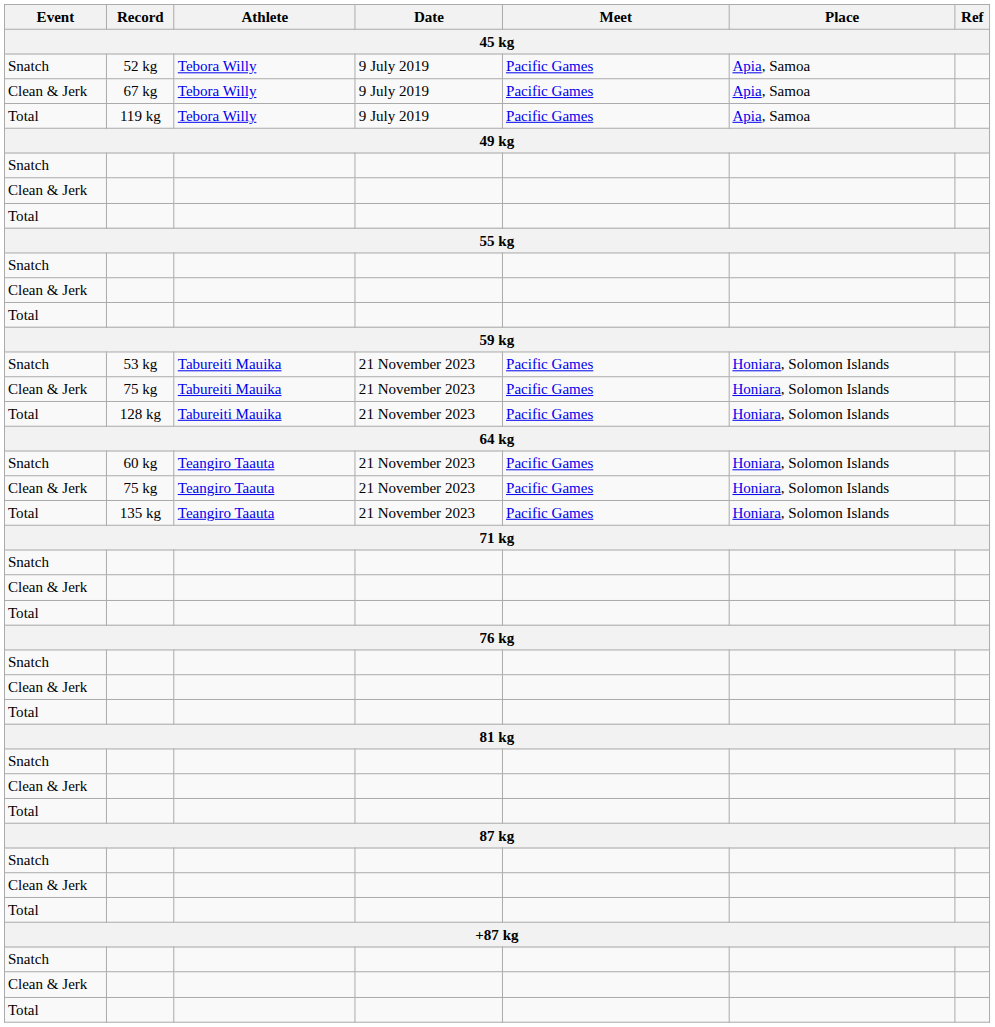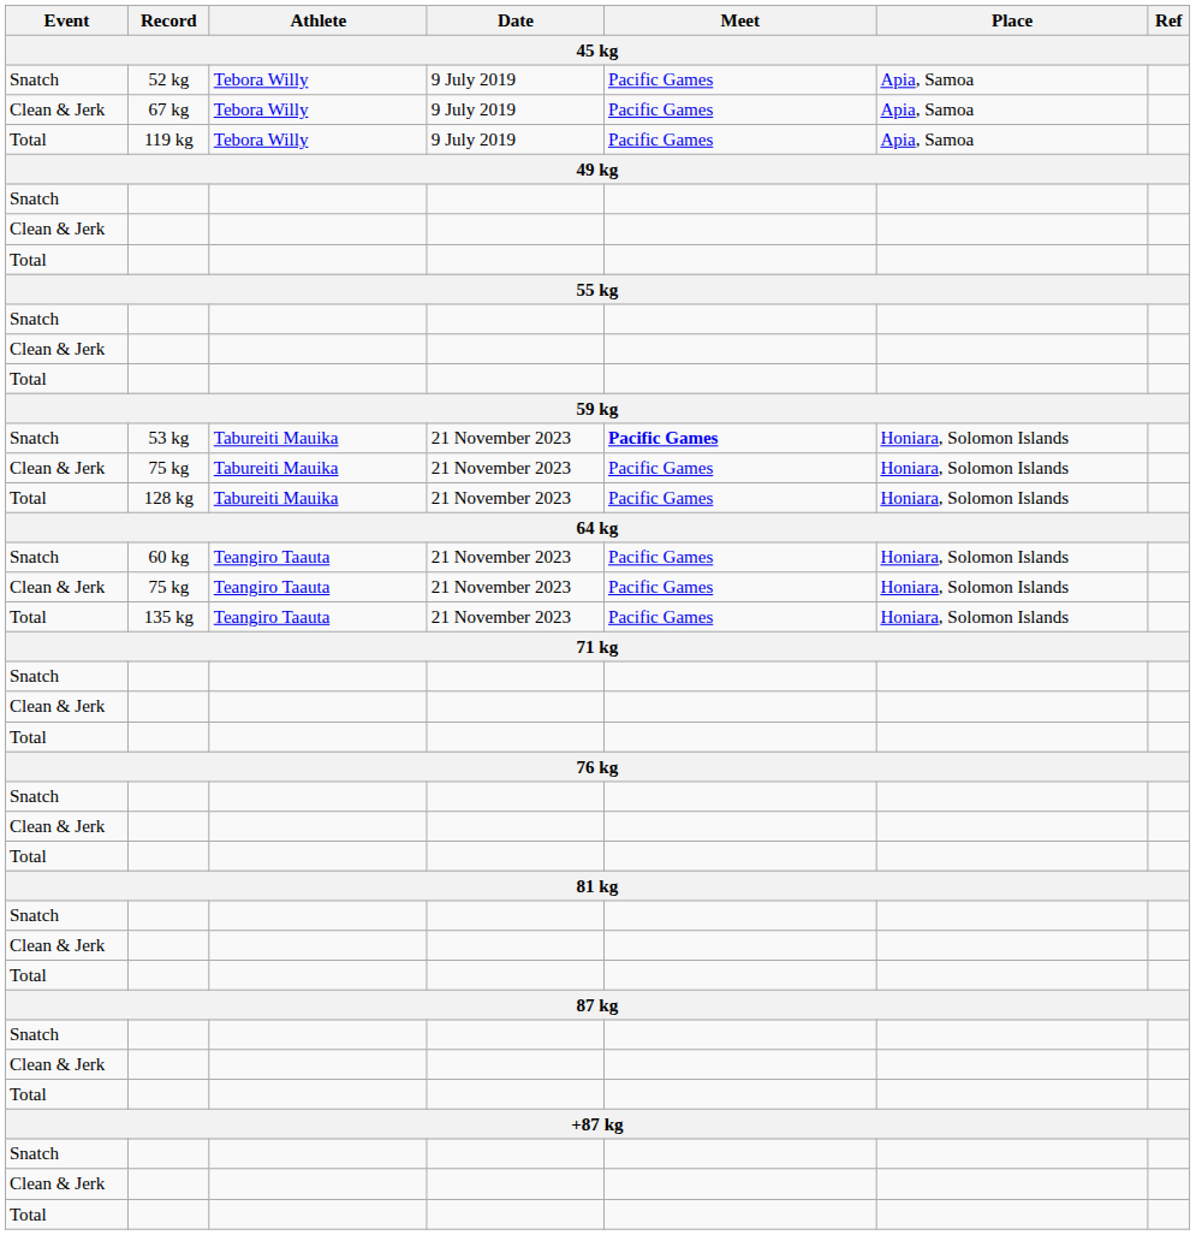 <table class="wikitable" style="font-size:95%;">
 <tr>
 <th width=9%>Event</th>
 <th width=6%>Record</th>
 <th width=16%>Athlete</th>
 <th width=13%>Date</th>
 <th width=20%>Meet</th>
 <th width=20%>Place</th>
 <th width=3%>Ref</th>
 </tr>
 <tr bgcolor="#DDDDDD">
 <th colspan="7">45 kg</th>
 </tr>
 <tr>
 <td>Snatch</td>
 <td align="center">52 kg</td>
 <td><a href='#'>Tebora Willy</a></td>
 <td>9 July 2019</td>
 <td><a href='#'>Pacific Games</a></td>
 <td><a href='#'>Apia</a>, Samoa</td>
 <td></td>
 </tr>
 <tr>
 <td>Clean & Jerk</td>
 <td align="center">67 kg</td>
 <td><a href='#'>Tebora Willy</a></td>
 <td>9 July 2019</td>
 <td><a href='#'>Pacific Games</a></td>
 <td><a href='#'>Apia</a>, Samoa</td>
 <td></td>
 </tr>
 <tr>
 <td>Total</td>
 <td align="center">119 kg</td>
 <td><a href='#'>Tebora Willy</a></td>
 <td>9 July 2019</td>
 <td><a href='#'>Pacific Games</a></td>
 <td><a href='#'>Apia</a>, Samoa</td>
 <td></td>
 </tr>
 <tr bgcolor="#DDDDDD">
 <th colspan="7">49 kg</th>
 </tr>
 <tr>
 <td>Snatch</td>
 <td align="center"></td>
 <td></td>
 <td></td>
 <td></td>
 <td></td>
 <td></td>
 </tr>
 <tr>
 <td>Clean & Jerk</td>
 <td align="center"></td>
 <td></td>
 <td></td>
 <td></td>
 <td></td>
 <td></td>
 </tr>
 <tr>
 <td>Total</td>
 <td align="center"></td>
 <td></td>
 <td></td>
 <td></td>
 <td></td>
 <td></td>
 </tr>
 <tr bgcolor="#DDDDDD">
 <th colspan="7">55 kg</th>
 </tr>
 <tr>
 <td>Snatch</td>
 <td align="center"></td>
 <td></td>
 <td></td>
 <td></td>
 <td></td>
 <td></td>
 </tr>
 <tr>
 <td>Clean & Jerk</td>
 <td align="center"></td>
 <td></td>
 <td></td>
 <td></td>
 <td></td>
 <td></td>
 </tr>
 <tr>
 <td>Total</td>
 <td align="center"></td>
 <td></td>
 <td></td>
 <td></td>
 <td></td>
 <td></td>
 </tr>
 <tr bgcolor="#DDDDDD">
 <th colspan="7">59 kg</th>
 </tr>
 <tr>
 <td>Snatch</td>
 <td align="center">53 kg</td>
 <td><a href='#'>Tabureiti Mauika</a></td>
 <td>21 November 2023</td>
-<td><a href='#'>Pacific Games</a></td>
+<td><strong><a href='#'>Pacific Games</a></strong></td>
 <td><a href='#'>Honiara</a>, Solomon Islands</td>
 <td></td>
 </tr>
 <tr>
 <td>Clean & Jerk</td>
 <td align="center">75 kg</td>
 <td><a href='#'>Tabureiti Mauika</a></td>
 <td>21 November 2023</td>
 <td><a href='#'>Pacific Games</a></td>
 <td><a href='#'>Honiara</a>, Solomon Islands</td>
 <td></td>
 </tr>
 <tr>
 <td>Total</td>
 <td align="center">128 kg</td>
 <td><a href='#'>Tabureiti Mauika</a></td>
 <td>21 November 2023</td>
 <td><a href='#'>Pacific Games</a></td>
 <td><a href='#'>Honiara</a>, Solomon Islands</td>
 <td></td>
 </tr>
 <tr bgcolor="#DDDDDD">
 <th colspan="7">64 kg</th>
 </tr>
 <tr>
 <td>Snatch</td>
 <td align="center">60 kg</td>
 <td><a href='#'>Teangiro Taauta</a></td>
 <td>21 November 2023</td>
 <td><a href='#'>Pacific Games</a></td>
 <td><a href='#'>Honiara</a>, Solomon Islands</td>
 <td></td>
 </tr>
 <tr>
 <td>Clean & Jerk</td>
 <td align="center">75 kg</td>
 <td><a href='#'>Teangiro Taauta</a></td>
 <td>21 November 2023</td>
 <td><a href='#'>Pacific Games</a></td>
 <td><a href='#'>Honiara</a>, Solomon Islands</td>
 <td></td>
 </tr>
 <tr>
 <td>Total</td>
 <td align="center">135 kg</td>
 <td><a href='#'>Teangiro Taauta</a></td>
 <td>21 November 2023</td>
 <td><a href='#'>Pacific Games</a></td>
 <td><a href='#'>Honiara</a>, Solomon Islands</td>
 <td></td>
 </tr>
 <tr bgcolor="#DDDDDD">
 <th colspan="7">71 kg</th>
 </tr>
 <tr>
 <td>Snatch</td>
 <td align="center"></td>
 <td></td>
 <td></td>
 <td></td>
 <td></td>
 <td></td>
 </tr>
 <tr>
 <td>Clean & Jerk</td>
 <td align="center"></td>
 <td></td>
 <td></td>
 <td></td>
 <td></td>
 <td></td>
 </tr>
 <tr>
 <td>Total</td>
 <td align="center"></td>
 <td></td>
 <td></td>
 <td></td>
 <td></td>
 <td></td>
 </tr>
 <tr bgcolor="#DDDDDD">
 <th colspan="7">76 kg</th>
 </tr>
 <tr>
 <td>Snatch</td>
 <td align="center"></td>
 <td></td>
 <td></td>
 <td></td>
 <td></td>
 <td></td>
 </tr>
 <tr>
 <td>Clean & Jerk</td>
 <td align="center"></td>
 <td></td>
 <td></td>
 <td></td>
 <td></td>
 <td></td>
 </tr>
 <tr>
 <td>Total</td>
 <td align="center"></td>
 <td></td>
 <td></td>
 <td></td>
 <td></td>
 <td></td>
 </tr>
 <tr bgcolor="#DDDDDD">
 <th colspan="7">81 kg</th>
 </tr>
 <tr>
 <td>Snatch</td>
 <td align="center"></td>
 <td></td>
 <td></td>
 <td></td>
 <td></td>
 <td></td>
 </tr>
 <tr>
 <td>Clean & Jerk</td>
 <td align="center"></td>
 <td></td>
 <td></td>
 <td></td>
 <td></td>
 <td></td>
 </tr>
 <tr>
 <td>Total</td>
 <td align="center"></td>
 <td></td>
 <td></td>
 <td></td>
 <td></td>
 <td></td>
 </tr>
 <tr bgcolor="#DDDDDD">
 <th colspan="7">87 kg</th>
 </tr>
 <tr>
 <td>Snatch</td>
 <td align="center"></td>
 <td></td>
 <td></td>
 <td></td>
 <td></td>
 <td></td>
 </tr>
 <tr>
 <td>Clean & Jerk</td>
 <td align="center"></td>
 <td></td>
 <td></td>
 <td></td>
 <td></td>
 <td></td>
 </tr>
 <tr>
 <td>Total</td>
 <td align="center"></td>
 <td></td>
 <td></td>
 <td></td>
 <td></td>
 <td></td>
 </tr>
 <tr bgcolor="#DDDDDD">
 <th colspan="7">+87 kg</th>
 </tr>
 <tr>
 <td>Snatch</td>
 <td align="center"></td>
 <td></td>
 <td></td>
 <td></td>
 <td></td>
 <td></td>
 </tr>
 <tr>
 <td>Clean & Jerk</td>
 <td align="center"></td>
 <td></td>
 <td></td>
 <td></td>
 <td></td>
 <td></td>
 </tr>
 <tr>
 <td>Total</td>
 <td align="center"></td>
 <td></td>
 <td></td>
 <td></td>
 <td></td>
 <td></td>
 </tr>
 </table>
